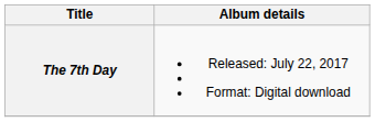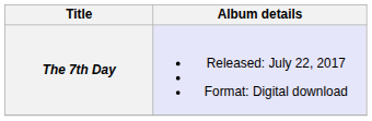 <table class="wikitable plainrowheaders" style="text-align:center;">
 <tr>
 <th scope="col" style="width:11em;">Title</th>
 <th scope="col" style="width:16em;">Album details</th>
 </tr>
 <tr>
 <th scope="row"><em>The 7th Day</em></th>
-<td><br><ul><li>Released: July 22, 2017</li><li></li><li>Format: Digital download</li></ul></td>
+<td style="background: lavender;"><br><ul><li>Released: July 22, 2017</li><li></li><li>Format: Digital download</li></ul></td>
 </tr>
 <tr>
 </tr>
 </table>
